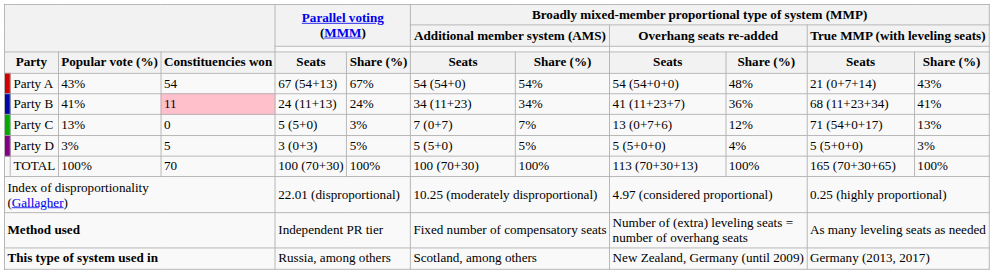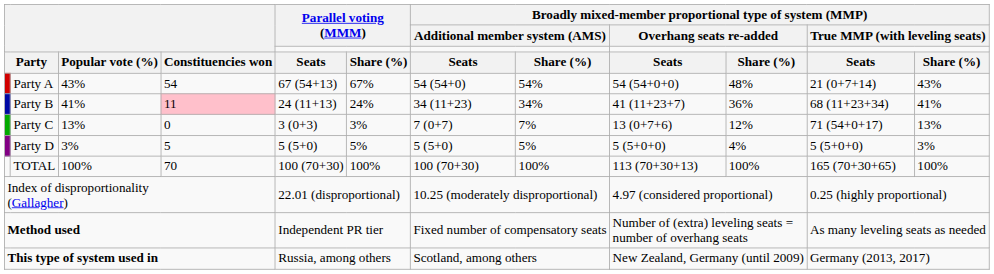 <table class="wikitable">
 <tr>
 <th colspan="4" rowspan="3"></th>
 <th colspan="2" rowspan="2"><a href='#'>Parallel voting</a><br>(<a href='#'>MMM</a>)</th>
 <th colspan="6">Broadly mixed-member proportional type of system (MMP)</th>
 </tr>
 <tr>
 <th colspan="2">Additional member system (AMS)</th>
 <th colspan="2">Overhang seats re-added</th>
 <th colspan="2">True MMP (with leveling seats)</th>
 </tr>
 <tr>
 <td colspan="2"></td>
 <td colspan="2"></td>
 <td colspan="2"></td>
 <td colspan="2"></td>
 </tr>
 <tr>
 <th colspan="2">Party</th>
 <th>Popular vote (%)</th>
 <th>Constitu­encies won</th>
 <th>Seats</th>
 <th>Share (%)</th>
 <th>Seats</th>
 <th>Share (%)</th>
 <th>Seats</th>
 <th>Share (%)</th>
 <th>Seats</th>
 <th>Share (%)</th>
 </tr>
 <tr>
 <td style="background:#D10000"></td>
 <td>Party A</td>
 <td>43%</td>
 <td>54</td>
 <td>67 (54+13)</td>
 <td>67%</td>
 <td>54 (54+0)</td>
 <td>54%</td>
 <td>54 (54+0+0)</td>
 <td>48%</td>
 <td>21 (0+7+14)</td>
 <td>43%</td>
 </tr>
 <tr>
 <td style="background:#0008A5"></td>
 <td>Party B</td>
 <td>41%</td>
 <td style="background: pink;">11</td>
 <td>24 (11+13)</td>
 <td>24%</td>
 <td>34 (11+23)</td>
 <td>34%</td>
 <td>41 (11+23+7)</td>
 <td>36%</td>
 <td>68 (11+23+34)</td>
 <td>41%</td>
 </tr>
 <tr>
 <td style="background:#03AA00"></td>
 <td>Party C</td>
 <td>13%</td>
 <td>0</td>
-<td>5 (5+0)</td>
+<td>3 (0+3)</td>
 <td>3%</td>
 <td>7 (0+7)</td>
 <td>7%</td>
 <td>13 (0+7+6)</td>
 <td>12%</td>
 <td>71 (54+0+17)</td>
 <td>13%</td>
 </tr>
 <tr>
 <td style="background:#820084"></td>
 <td>Party D</td>
 <td>3%</td>
 <td>5</td>
-<td>3 (0+3)</td>
+<td>5 (5+0)</td>
 <td>5%</td>
 <td>5 (5+0)</td>
 <td>5%</td>
 <td>5 (5+0+0)</td>
 <td>4%</td>
 <td>5 (5+0+0)</td>
 <td>3%</td>
 </tr>
 <tr>
 <td></td>
 <td>TOTAL</td>
 <td>100%</td>
 <td>70</td>
 <td>100 (70+30)</td>
 <td>100%</td>
 <td>100 (70+30)</td>
 <td>100%</td>
 <td>113 (70+30+13)</td>
 <td>100%</td>
 <td>165 (70+30+65)</td>
 <td>100%</td>
 </tr>
 <tr>
 <td colspan="4">Index of disproportionality<br>(<a href='#'>Gallagher</a>)</td>
 <td colspan="2">22.01 (disproportional)</td>
 <td colspan="2">10.25 (moderately disproportional)</td>
 <td colspan="2">4.97 (considered proportional)</td>
 <td colspan="2">0.25 (highly proportional)</td>
 </tr>
 <tr>
 <td colspan="4"><strong>Method used</strong></td>
 <td colspan="2">Independent PR tier</td>
 <td colspan="2">Fixed number of compensatory seats</td>
 <td colspan="2">Number of (extra) leveling seats =<br>number of overhang seats</td>
 <td colspan="2">As many leveling seats as needed</td>
 </tr>
 <tr>
 <td colspan="4"><strong>This type of system used in</strong></td>
 <td colspan="2">Russia, among others</td>
 <td colspan="2">Scotland, among others</td>
 <td colspan="2">New Zealand, Germany (until 2009)</td>
 <td colspan="2">Germany (2013, 2017)</td>
 </tr>
 </table>
